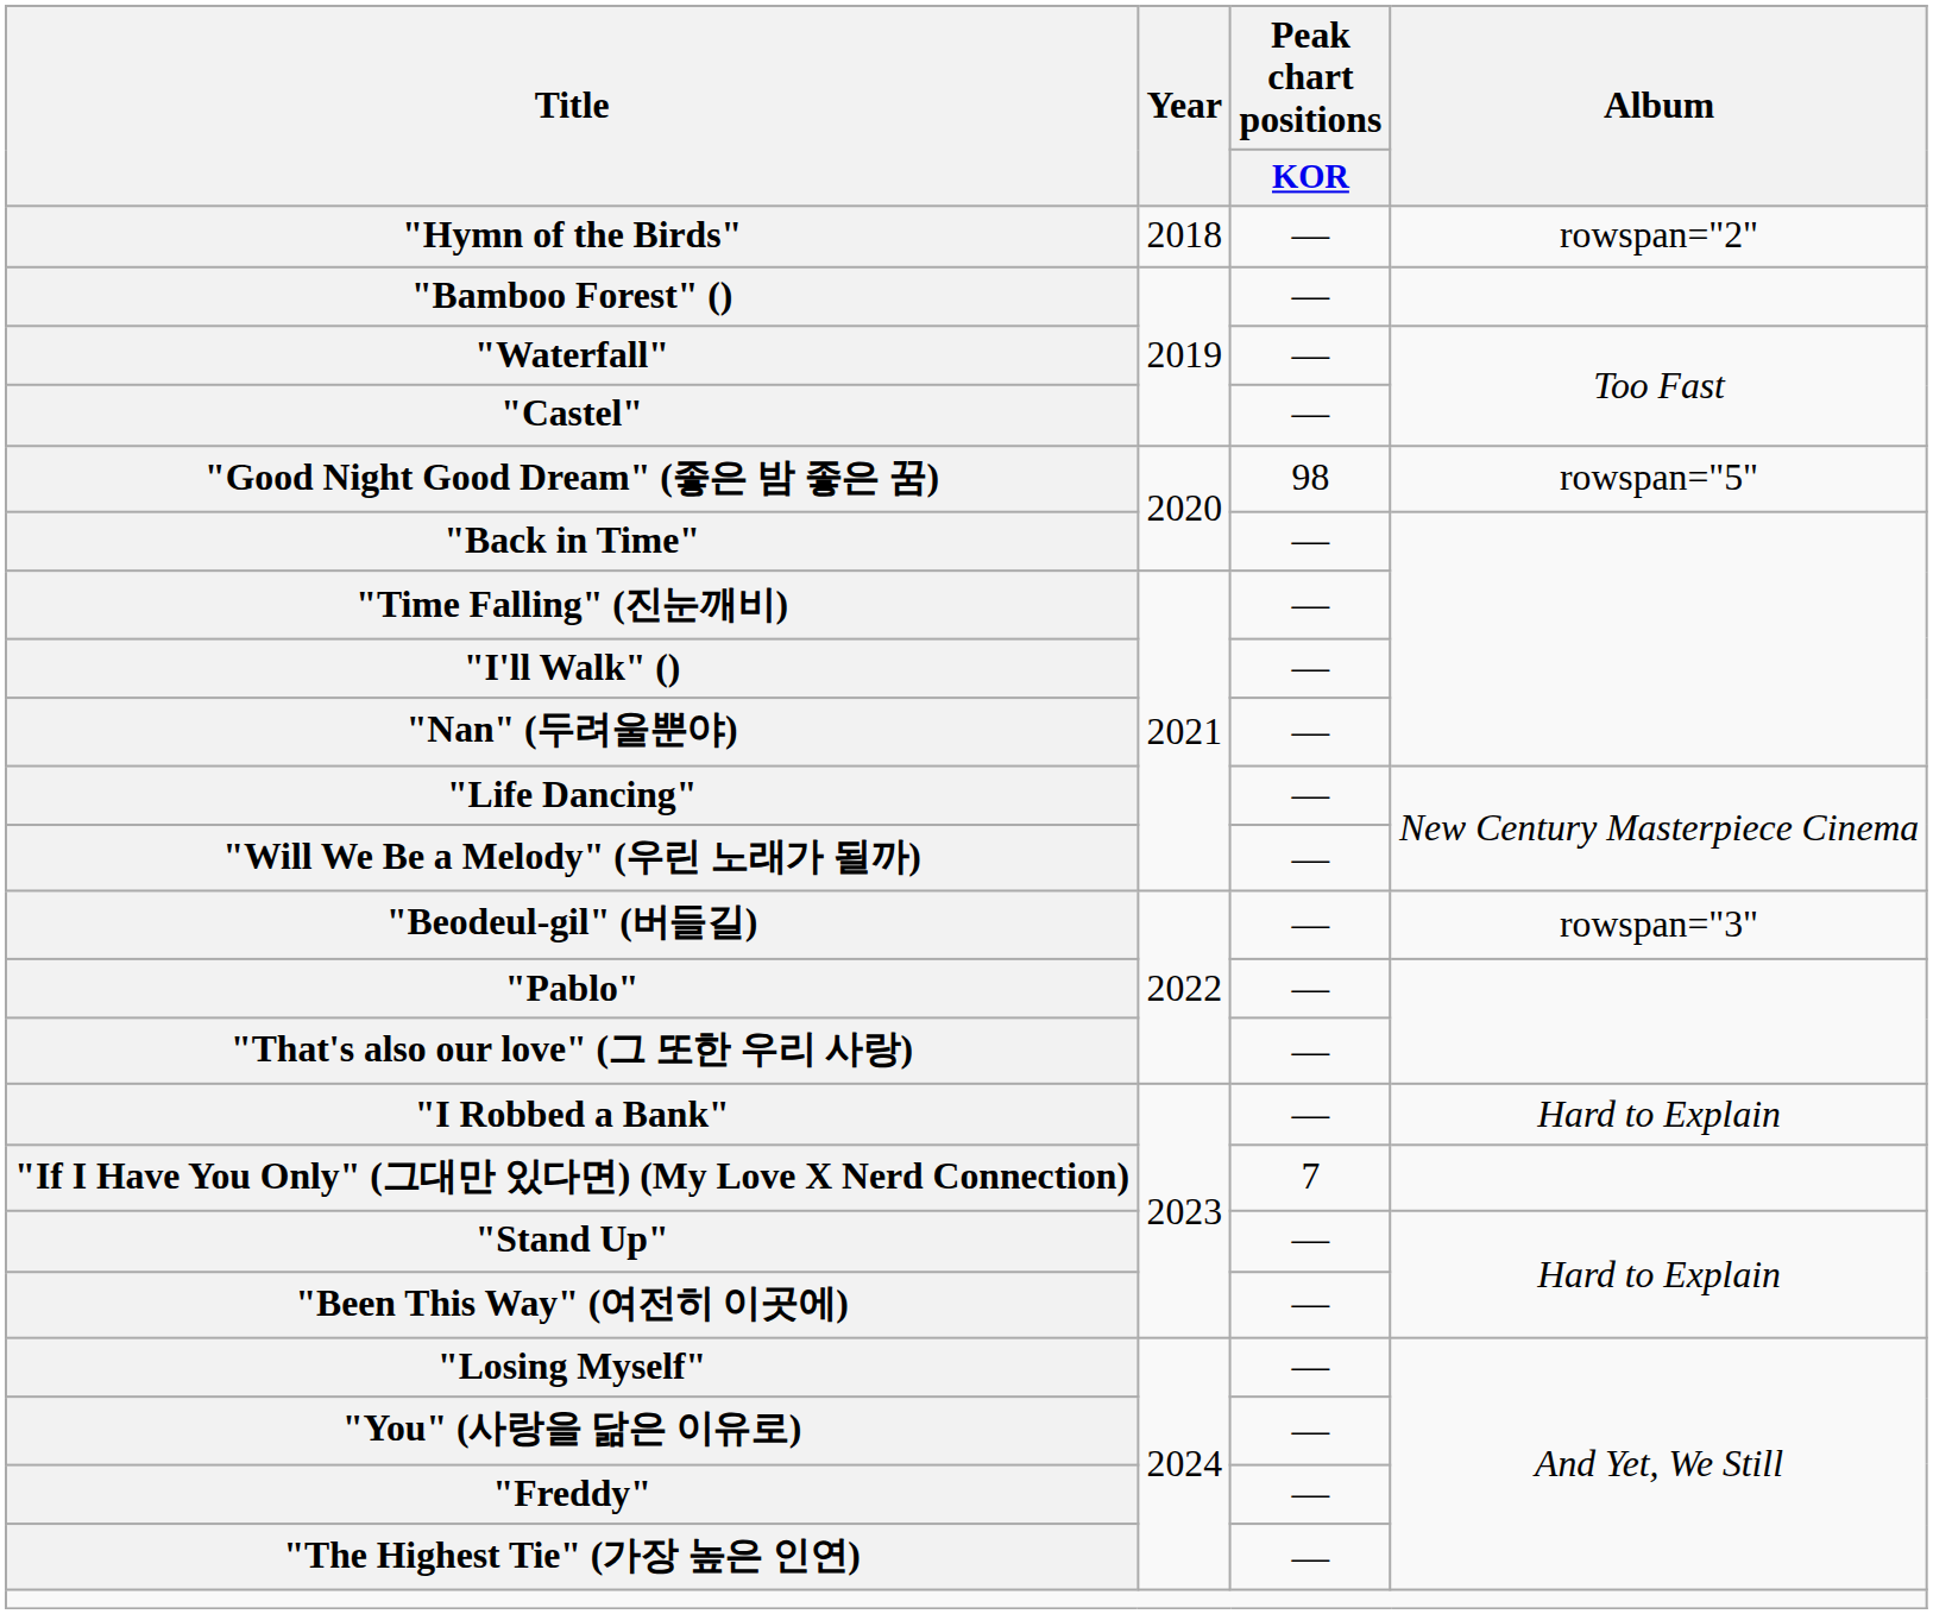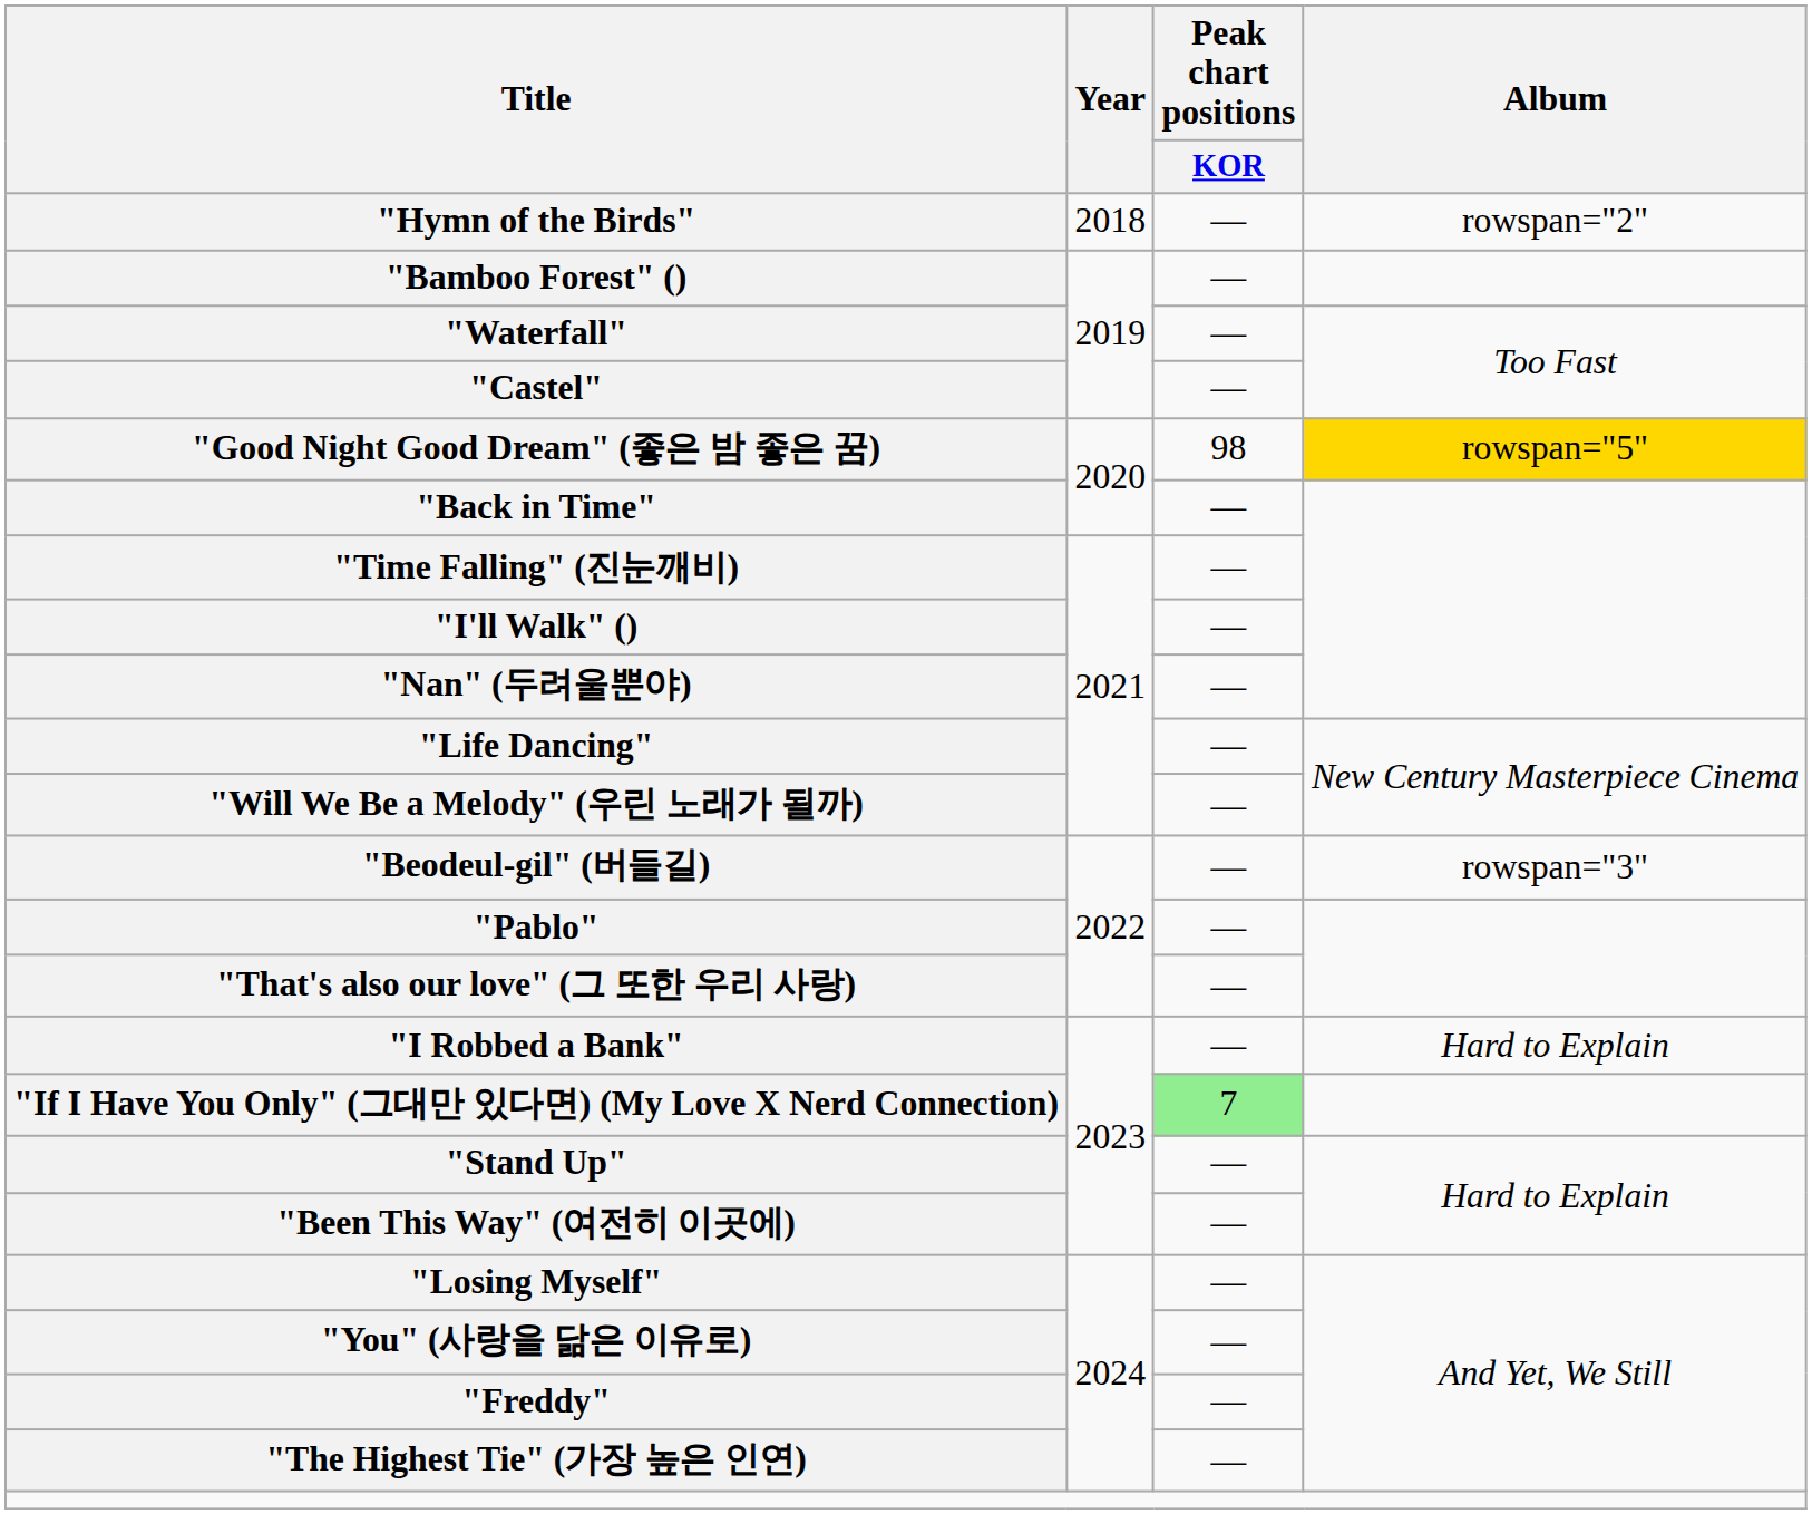 <table class="wikitable plainrowheaders" style="text-align:center;">
 <tr>
 <th rowspan="2" scope="col">Title</th>
 <th rowspan="2" scope="col">Year</th>
 <th scope="col" colspan="1">Peak chart positions</th>
 <th rowspan="2">Album</th>
 </tr>
 <tr>
 <th scope="col" style="width:2.5em;font-size:90%;"><a href='#'>KOR</a><br></th>
 </tr>
 <tr>
 <th scope="row">"Hymn of the Birds"</th>
 <td>2018</td>
 <td>—</td>
 <td>rowspan="2" </td>
 </tr>
 <tr>
 <th scope="row">"Bamboo Forest" ()</th>
 <td rowspan="3">2019</td>
 <td>—</td>
 </tr>
 <tr>
 <th scope="row">"Waterfall"</th>
 <td>—</td>
 <td rowspan="2"><em>Too Fast</em></td>
 </tr>
 <tr>
 <th scope="row">"Castel"</th>
 <td>—</td>
 </tr>
 <tr>
 <th scope="row">"Good Night Good Dream" (좋은 밤 좋은 꿈)</th>
 <td rowspan="2">2020</td>
 <td>98</td>
-<td>rowspan="5" </td>
+<td style="background: gold;">rowspan="5" </td>
 </tr>
 <tr>
 <th scope="row">"Back in Time"</th>
 <td>—</td>
 </tr>
 <tr>
 <th scope="row">"Time Falling" (진눈깨비)</th>
 <td rowspan="5">2021</td>
 <td>—</td>
 </tr>
 <tr>
 <th scope="row">"I'll Walk" ()</th>
 <td>—</td>
 </tr>
 <tr>
 <th scope="row">"Nan" (두려울뿐야)</th>
 <td>—</td>
 </tr>
 <tr>
 <th scope="row">"Life Dancing"</th>
 <td>—</td>
 <td rowspan="2"><em>New Century Masterpiece Cinema</em></td>
 </tr>
 <tr>
 <th scope="row">"Will We Be a Melody" (우린 노래가 될까)</th>
 <td>—</td>
 </tr>
 <tr>
 <th scope="row">"Beodeul-gil" (버들길)</th>
 <td rowspan="3">2022</td>
 <td>—</td>
 <td>rowspan="3" </td>
 </tr>
 <tr>
 <th scope="row">"Pablo"</th>
 <td>—</td>
 </tr>
 <tr>
 <th scope="row">"That's also our love" (그 또한 우리 사랑)</th>
 <td>—</td>
 </tr>
 <tr>
 <th scope="row">"I Robbed a Bank"</th>
 <td rowspan="4">2023</td>
 <td>—</td>
 <td><em>Hard to Explain</em></td>
 </tr>
 <tr>
 <th scope="row">"If I Have You Only" (그대만 있다면) (My Love X Nerd Connection)</th>
-<td>7</td>
+<td style="background: lightgreen;">7</td>
 <td></td>
 </tr>
 <tr>
 <th scope="row">"Stand Up"</th>
 <td>—</td>
 <td rowspan="2"><em>Hard to Explain</em></td>
 </tr>
 <tr>
 <th scope="row">"Been This Way" (여전히 이곳에)</th>
 <td>—</td>
 </tr>
 <tr>
 <th scope="row">"Losing Myself"</th>
 <td rowspan="4">2024</td>
 <td>—</td>
 <td rowspan="4"><em>And Yet, We Still</em></td>
 </tr>
 <tr>
 <th scope="row">"You" (사랑을 닮은 이유로)</th>
 <td>—</td>
 </tr>
 <tr>
 <th scope="row">"Freddy"</th>
 <td>—</td>
 </tr>
 <tr>
 <th scope="row">"The Highest Tie" (가장 높은 인연)</th>
 <td>—</td>
 </tr>
 <tr>
 <td colspan="4"></td>
 </tr>
 </table>
